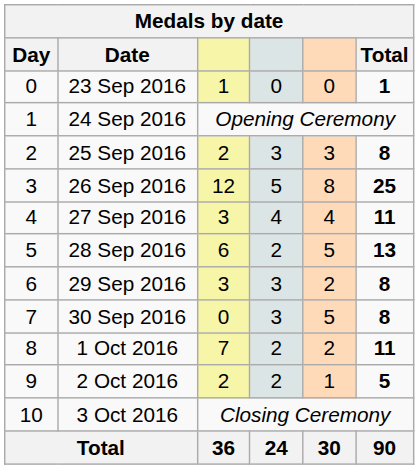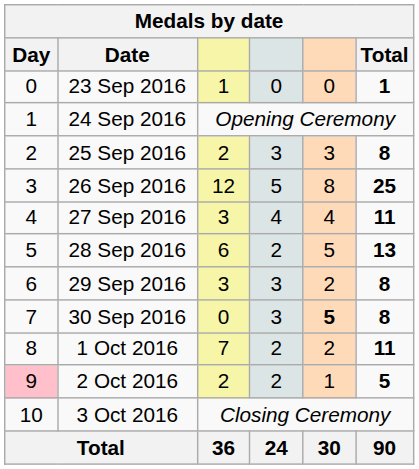 <table class="wikitable" style="font-size:90%; text-align:center;">
 <tr style="background:#efefef;">
 <th colspan=6><strong>Medals by date</strong></th>
 </tr>
 <tr>
 <th width=30><strong>Day</strong></th>
 <th width=90><strong>Date</strong></th>
 <th width=30 style="background:#F7F6A8;"></th>
 <th width=30 style="background:#DCE5E5;"></th>
 <th width=30 style="background:#FFDAB9;"></th>
 <th width=30><strong>Total</strong></th>
 </tr>
 <tr>
 <td>0</td>
 <td>23 Sep 2016</td>
 <td style="background:#F7F6A8;">1</td>
 <td style="background:#DCE5E5;">0</td>
 <td style="background:#FFDAB9;">0</td>
 <td><strong>1</strong></td>
 </tr>
 <tr>
 <td>1</td>
 <td>24 Sep 2016</td>
 <td colspan=4><em>Opening Ceremony</em></td>
 </tr>
 <tr>
 <td>2</td>
 <td>25 Sep 2016</td>
 <td style="background:#F7F6A8;">2</td>
 <td style="background:#DCE5E5;">3</td>
 <td style="background:#FFDAB9;">3</td>
 <td><strong>8</strong></td>
 </tr>
 <tr>
 <td>3</td>
 <td>26 Sep 2016</td>
 <td style="background:#F7F6A8;">12</td>
 <td style="background:#DCE5E5;">5</td>
 <td style="background:#FFDAB9;">8</td>
 <td><strong>25</strong></td>
 </tr>
 <tr>
 <td>4</td>
 <td>27 Sep 2016</td>
 <td style="background:#F7F6A8;">3</td>
 <td style="background:#DCE5E5;">4</td>
 <td style="background:#FFDAB9;">4</td>
 <td><strong>11</strong></td>
 </tr>
 <tr>
 <td>5</td>
 <td>28 Sep 2016</td>
 <td style="background:#F7F6A8;">6</td>
 <td style="background:#DCE5E5;">2</td>
 <td style="background:#FFDAB9;">5</td>
 <td><strong>13</strong></td>
 </tr>
 <tr>
 <td>6</td>
 <td>29 Sep 2016</td>
 <td style="background:#F7F6A8;">3</td>
 <td style="background:#DCE5E5;">3</td>
 <td style="background:#FFDAB9;">2</td>
 <td><strong>8</strong></td>
 </tr>
 <tr>
 <td>7</td>
 <td>30 Sep 2016</td>
 <td style="background:#F7F6A8;">0</td>
 <td style="background:#DCE5E5;">3</td>
-<td style="background:#FFDAB9;">5</td>
+<td style="background:#FFDAB9;"><strong>5</strong></td>
 <td><strong>8</strong></td>
 </tr>
 <tr>
 <td>8</td>
 <td>1 Oct 2016</td>
 <td style="background:#F7F6A8;">7</td>
 <td style="background:#DCE5E5;">2</td>
 <td style="background:#FFDAB9;">2</td>
 <td><strong>11</strong></td>
 </tr>
 <tr>
-<td>9</td>
+<td style="background: pink;">9</td>
 <td>2 Oct 2016</td>
 <td style="background:#F7F6A8;">2</td>
 <td style="background:#DCE5E5;">2</td>
 <td style="background:#FFDAB9;">1</td>
 <td><strong>5</strong></td>
 </tr>
 <tr>
 <td>10</td>
 <td>3 Oct 2016</td>
 <td colspan=4><em>Closing Ceremony</em></td>
 </tr>
 <tr>
 <th colspan="2"><strong>Total</strong></th>
 <th><strong>36</strong></th>
 <th><strong>24</strong></th>
 <th><strong>30</strong></th>
 <th><strong>90</strong></th>
 </tr>
 </table>
